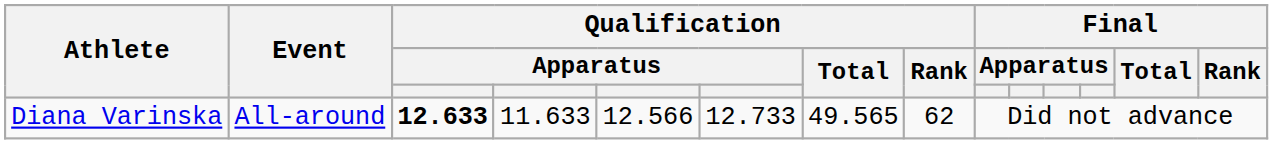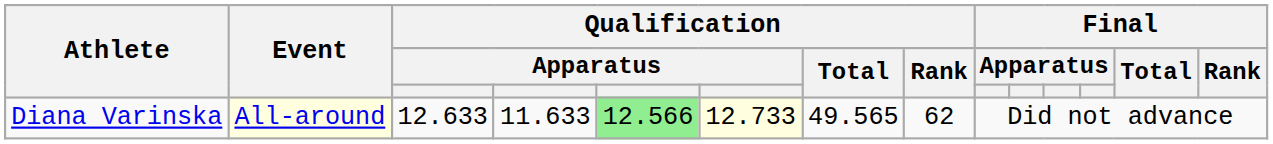 <table class="wikitable" style="font-size:90%">
 <tr>
 <th rowspan=3>Athlete</th>
 <th rowspan=3>Event</th>
 <th colspan=6>Qualification</th>
 <th colspan=6>Final</th>
 </tr>
 <tr style="font-size:95%">
 <th colspan=4>Apparatus</th>
 <th rowspan=2>Total</th>
 <th rowspan=2>Rank</th>
 <th colspan=4>Apparatus</th>
 <th rowspan=2>Total</th>
 <th rowspan=2>Rank</th>
 </tr>
 <tr style="font-size:95%">
 <th></th>
 <th></th>
 <th></th>
 <th></th>
 <th></th>
 <th></th>
 <th></th>
 <th></th>
 </tr>
 <tr align=center>
 <td align=left><a href='#'>Diana Varinska</a></td>
-<td align=left><a href='#'>All-around</a></td>
-<td><strong>12.633</strong></td>
+<td align=left style="background: lightyellow;"><a href='#'>All-around</a></td>
+<td>12.633</td>
 <td>11.633</td>
-<td>12.566</td>
-<td>12.733</td>
+<td style="background: lightgreen;">12.566</td>
+<td style="background: lightyellow;">12.733</td>
 <td>49.565</td>
 <td>62</td>
 <td colspan=6>Did not advance</td>
 </tr>
 </table>
